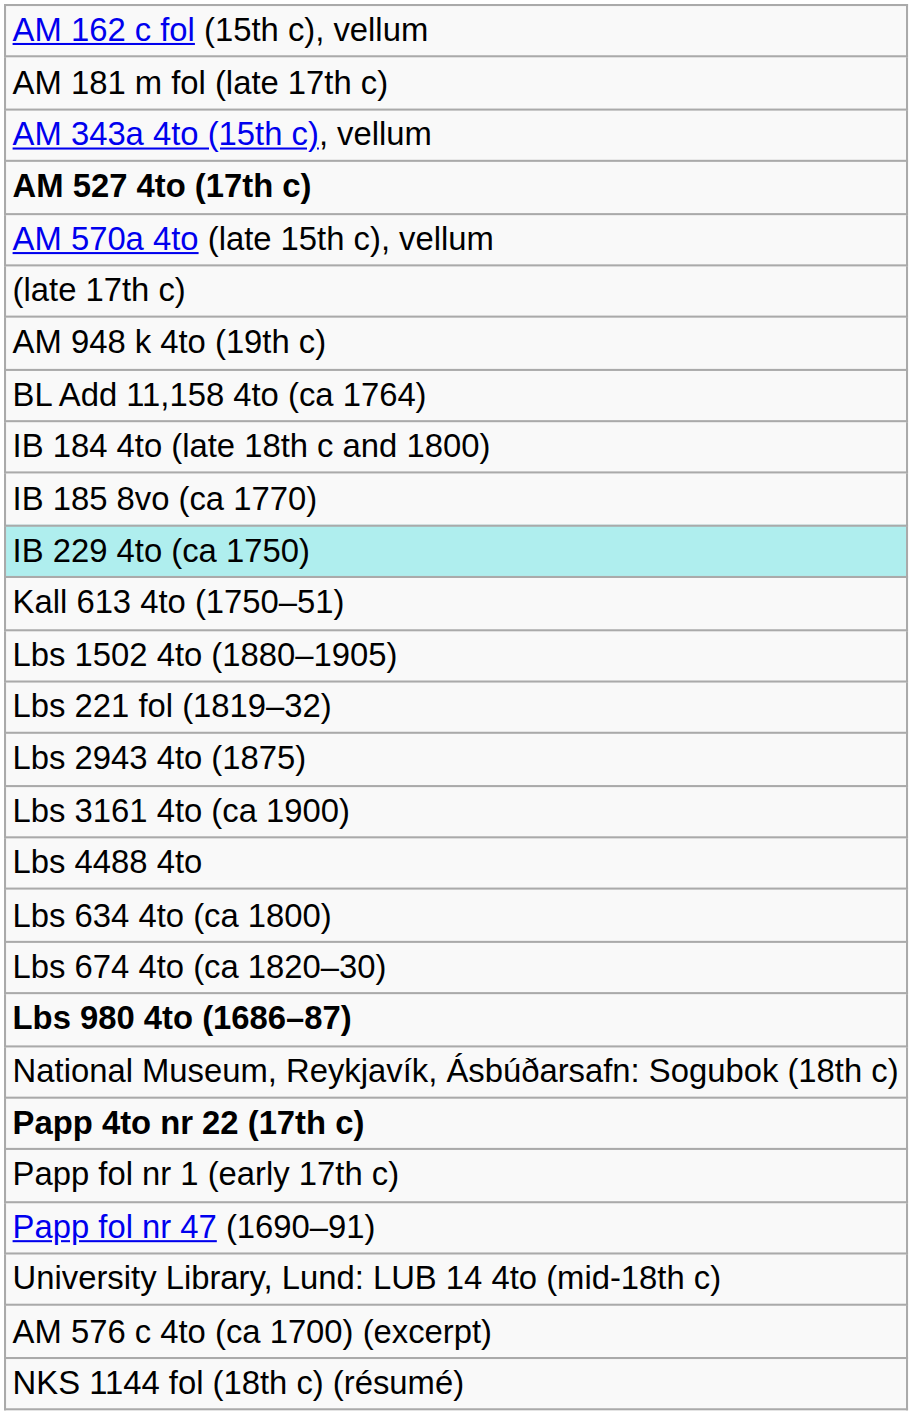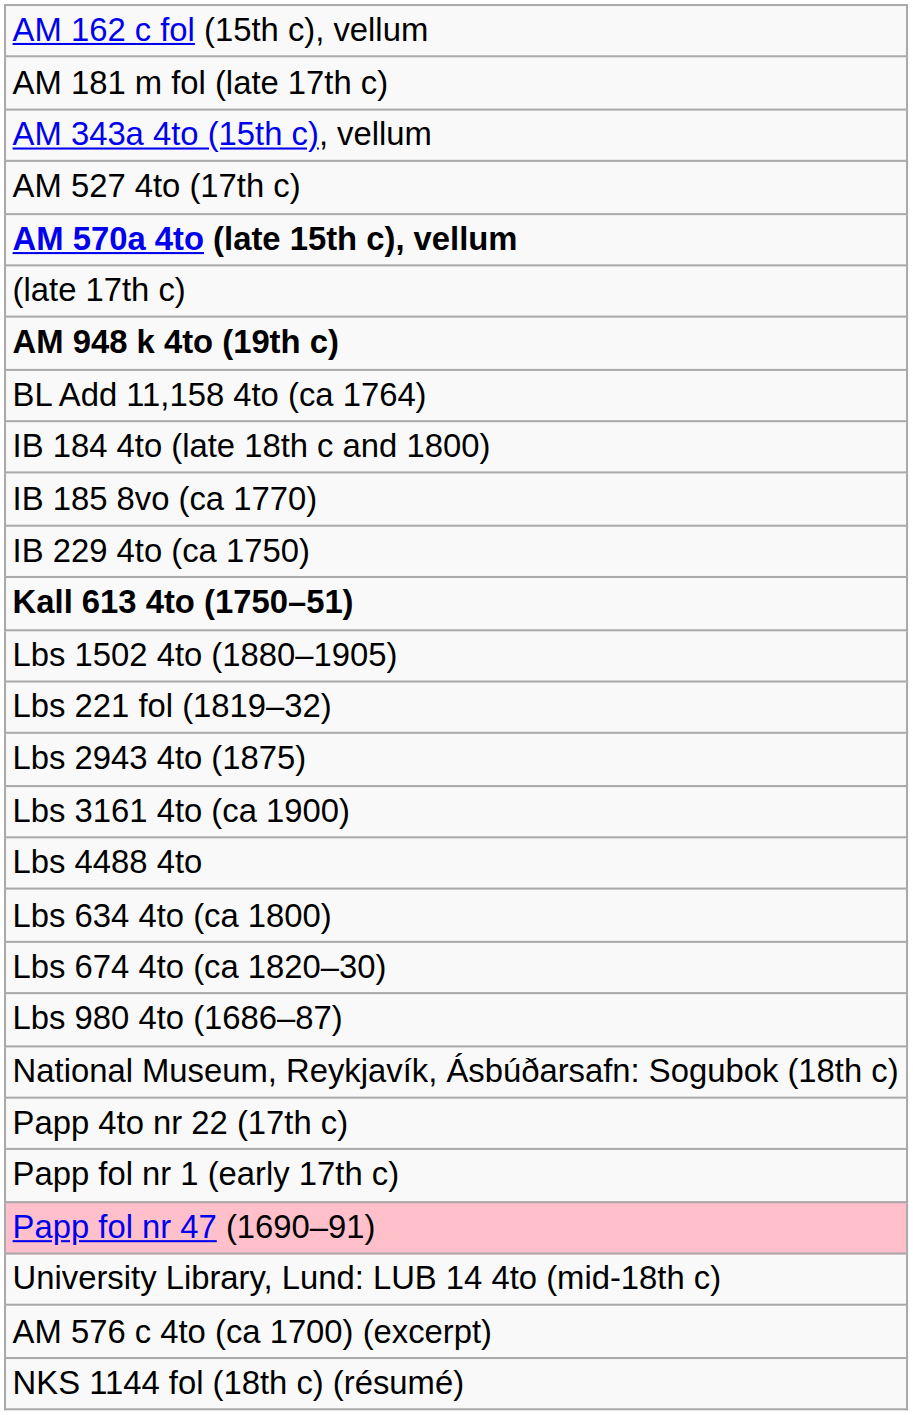 <table class="wikitable">
 <tr>
 <td><a href='#'>AM 162 c fol</a> (15th c), vellum</td>
 </tr>
 <tr>
 <td>AM 181 m fol (late 17th c)</td>
 </tr>
 <tr>
 <td><a href='#'>AM 343a 4to (15th c)</a>, vellum</td>
 </tr>
 <tr>
-<td><strong>AM 527 4to (17th c)</strong></td>
+<td>AM 527 4to (17th c)</td>
 </tr>
 <tr>
-<td><a href='#'>AM 570a 4to</a> (late 15th c), vellum</td>
+<td><strong><a href='#'>AM 570a 4to</a> (late 15th c), vellum</strong></td>
 </tr>
 <tr>
 <td> (late 17th c)</td>
 </tr>
 <tr>
-<td>AM 948 k 4to (19th c)</td>
+<td><strong>AM 948 k 4to (19th c)</strong></td>
 </tr>
 <tr>
 <td>BL Add 11,158 4to (ca 1764)</td>
 </tr>
 <tr>
 <td>IB 184 4to (late 18th c and 1800)</td>
 </tr>
 <tr>
 <td>IB 185 8vo (ca 1770)</td>
 </tr>
 <tr>
-<td style="background: paleturquoise;">IB 229 4to (ca 1750)</td>
+<td>IB 229 4to (ca 1750)</td>
 </tr>
 <tr>
-<td>Kall 613 4to (1750–51)</td>
+<td><strong>Kall 613 4to (1750–51)</strong></td>
 </tr>
 <tr>
 <td>Lbs 1502 4to (1880–1905)</td>
 </tr>
 <tr>
 <td>Lbs 221 fol (1819–32)</td>
 </tr>
 <tr>
 <td>Lbs 2943 4to (1875)</td>
 </tr>
 <tr>
 <td>Lbs 3161 4to (ca 1900)</td>
 </tr>
 <tr>
 <td>Lbs 4488 4to</td>
 </tr>
 <tr>
 <td>Lbs 634 4to (ca 1800)</td>
 </tr>
 <tr>
 <td>Lbs 674 4to (ca 1820–30)</td>
 </tr>
 <tr>
-<td><strong>Lbs 980 4to (1686–87)</strong></td>
+<td>Lbs 980 4to (1686–87)</td>
 </tr>
 <tr>
 <td>National Museum, Reykjavík, Ásbúðarsafn: Sogubok (18th c)</td>
 </tr>
 <tr>
-<td><strong>Papp 4to nr 22 (17th c)</strong></td>
+<td>Papp 4to nr 22 (17th c)</td>
 </tr>
 <tr>
 <td>Papp fol nr 1 (early 17th c)</td>
 </tr>
 <tr>
-<td><a href='#'>Papp fol nr 47</a> (1690–91)</td>
+<td style="background: pink;"><a href='#'>Papp fol nr 47</a> (1690–91)</td>
 </tr>
 <tr>
 <td>University Library, Lund: LUB 14 4to (mid-18th c)</td>
 </tr>
 <tr>
 <td>AM 576 c 4to (ca 1700) (excerpt)</td>
 </tr>
 <tr>
 <td>NKS 1144 fol (18th c) (résumé)</td>
 </tr>
 </table>
